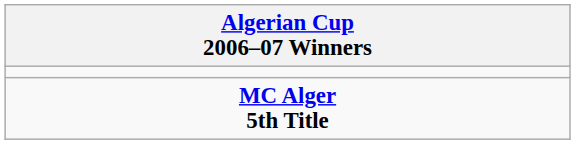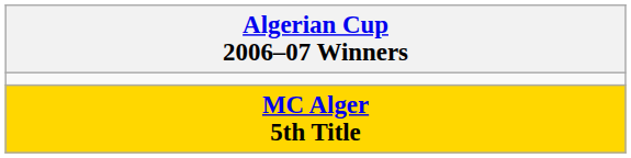 <table class="wikitable" style="text-align: center; margin: 0 auto; width: 20%">
 <tr>
 <th><a href='#'>Algerian Cup</a><br>2006–07 Winners</th>
 </tr>
 <tr>
 <td></td>
 </tr>
 <tr>
-<td><strong><a href='#'>MC Alger</a></strong><br><strong>5th Title</strong></td>
+<td style="background: gold;"><strong><a href='#'>MC Alger</a></strong><br><strong>5th Title</strong></td>
 </tr>
 </table>
